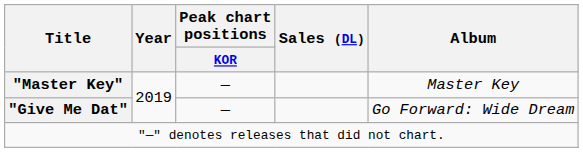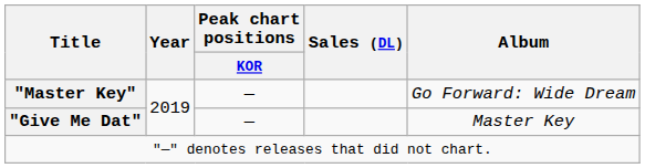 <table class="wikitable plainrowheaders" style="text-align:center;">
 <tr>
 <th scope="col" rowspan="2">Title</th>
 <th scope="col" rowspan="2">Year</th>
 <th scope="col" colspan="1">Peak chart <br> positions</th>
 <th scope="col" rowspan="2">Sales <small>(<a href='#'>DL</a>)</small></th>
 <th scope="col" rowspan="2">Album</th>
 </tr>
 <tr>
 <th><small><a href='#'>KOR</a></small><br></th>
 </tr>
 <tr>
 <th scope="row">"Master Key"</th>
 <td rowspan="2">2019</td>
 <td>—</td>
 <td></td>
-<td><em>Master Key</em></td>
+<td><em>Go Forward: Wide Dream</em></td>
 </tr>
 <tr>
 <th scope="row">"Give Me Dat"</th>
 <td>—</td>
 <td></td>
-<td><em>Go Forward: Wide Dream</em></td>
+<td><em>Master Key</em></td>
 </tr>
 <tr>
 <td colspan="5" align="center"><small>"—" denotes releases that did not chart.</small></td>
 </tr>
 </table>
